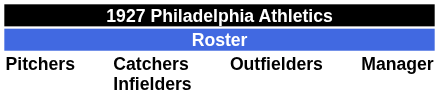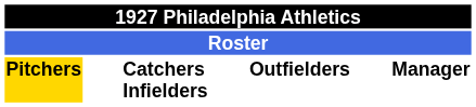 <table class="toccolours" style="font-size: 95%;">
 <tr>
 <th colspan="10" style="background-color: black; color: white; text-align: center;">1927 Philadelphia Athletics</th>
 </tr>
 <tr>
 <td colspan="10" style="background-color: #4169e1; color: white; text-align: center;"><strong>Roster</strong></td>
 </tr>
 <tr>
-<td valign="top"><strong>Pitchers</strong><br>             </td>
+<td valign="top" style="background: gold;"><strong>Pitchers</strong><br>             </td>
 <td width="25px"></td>
 <td valign="top"><strong>Catchers</strong><br>  <strong>Infielders</strong>          </td>
 <td width="25px"></td>
 <td valign="top"><strong>Outfielders</strong><br>       </td>
 <td width="25px"></td>
 <td valign="top"><strong>Manager</strong><br></td>
 </tr>
 </table>
